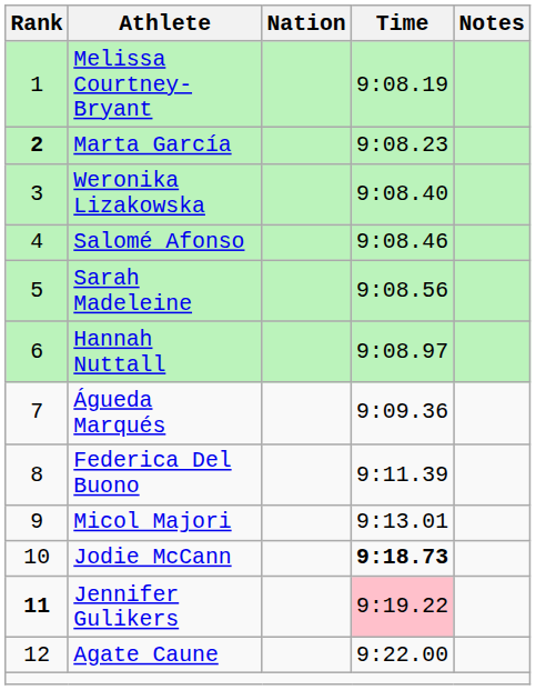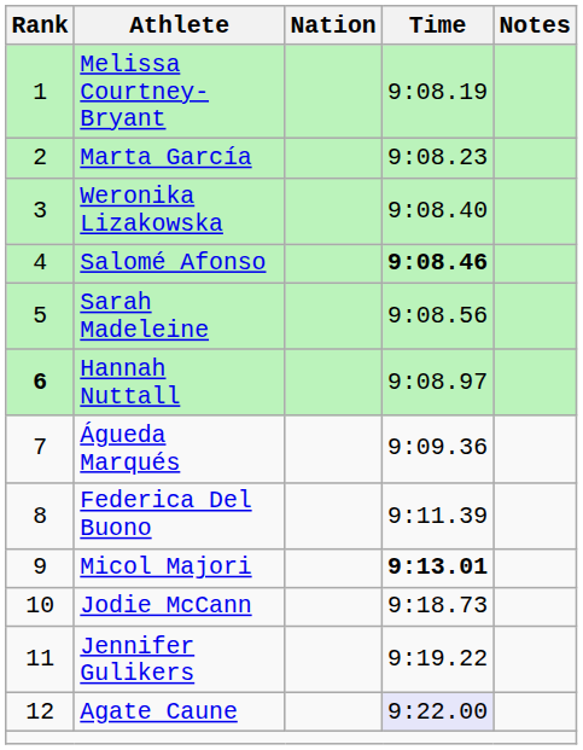 <table class="wikitable sortable" style="text-align:center;width: 50%;">
 <tr>
 <th scope="col" style="width: 10px;">Rank</th>
 <th scope="col">Athlete</th>
 <th scope="col">Nation</th>
 <th scope="col">Time</th>
 <th scope="col">Notes</th>
 </tr>
 <tr bgcolor=bbf3bb>
 <td>1</td>
 <td align=left><a href='#'>Melissa Courtney-Bryant</a></td>
 <td align=left></td>
 <td>9:08.19</td>
 <td></td>
 </tr>
 <tr bgcolor=bbf3bb>
-<td><strong>2</strong></td>
+<td>2</td>
 <td align=left><a href='#'>Marta García</a></td>
 <td align=left></td>
 <td>9:08.23</td>
 <td></td>
 </tr>
 <tr bgcolor=bbf3bb>
 <td>3</td>
 <td align=left><a href='#'>Weronika Lizakowska</a></td>
 <td align=left></td>
 <td>9:08.40</td>
 <td></td>
 </tr>
 <tr bgcolor=bbf3bb>
 <td>4</td>
 <td align=left><a href='#'>Salomé Afonso</a></td>
 <td align=left></td>
-<td>9:08.46</td>
+<td><strong>9:08.46</strong></td>
 <td></td>
 </tr>
 <tr bgcolor=bbf3bb>
 <td>5</td>
 <td align=left><a href='#'>Sarah Madeleine</a></td>
 <td align=left></td>
 <td>9:08.56</td>
 <td></td>
 </tr>
 <tr bgcolor=bbf3bb>
-<td>6</td>
+<td><strong>6</strong></td>
 <td align=left><a href='#'>Hannah Nuttall</a></td>
 <td align=left></td>
 <td>9:08.97</td>
 <td></td>
 </tr>
 <tr>
 <td>7</td>
 <td align=left><a href='#'>Águeda Marqués</a></td>
 <td align=left></td>
 <td>9:09.36</td>
 <td></td>
 </tr>
 <tr>
 <td>8</td>
 <td align=left><a href='#'>Federica Del Buono</a></td>
 <td align=left></td>
 <td>9:11.39</td>
 <td></td>
 </tr>
 <tr>
 <td>9</td>
 <td align=left><a href='#'>Micol Majori</a></td>
 <td align=left></td>
-<td>9:13.01</td>
+<td><strong>9:13.01</strong></td>
 <td></td>
 </tr>
 <tr>
 <td>10</td>
 <td align=left><a href='#'>Jodie McCann</a></td>
 <td align=left></td>
-<td><strong>9:18.73</strong></td>
+<td>9:18.73</td>
 <td></td>
 </tr>
 <tr>
-<td><strong>11</strong></td>
+<td>11</td>
 <td align=left><a href='#'>Jennifer Gulikers</a></td>
 <td align=left></td>
-<td style="background: pink;">9:19.22</td>
+<td>9:19.22</td>
 <td></td>
 </tr>
 <tr>
 <td>12</td>
 <td align=left><a href='#'>Agate Caune</a></td>
 <td align=left></td>
-<td>9:22.00</td>
+<td style="background: lavender;">9:22.00</td>
 <td></td>
 </tr>
 <tr class="sortbottom">
 <td colspan="5"></td>
 </tr>
 </table>
